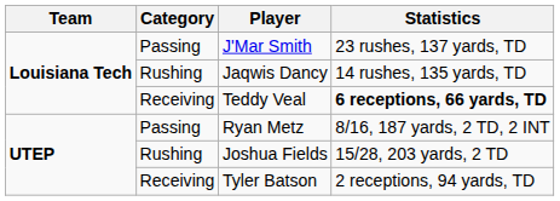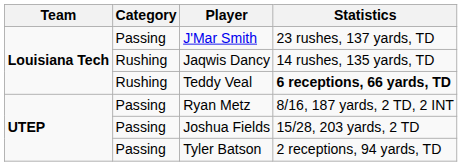 <table class="wikitable" style="float: left;">
 <tr>
 <th>Team</th>
 <th>Category</th>
 <th>Player</th>
 <th>Statistics</th>
 </tr>
 <tr>
 <td rowspan=3><strong>Louisiana Tech</strong></td>
 <td>Passing</td>
 <td><a href='#'>J'Mar Smith</a></td>
 <td>23 rushes, 137 yards, TD</td>
 </tr>
 <tr>
 <td>Rushing</td>
 <td>Jaqwis Dancy</td>
 <td>14 rushes, 135 yards, TD</td>
 </tr>
 <tr>
-<td>Receiving</td>
+<td>Rushing</td>
 <td>Teddy Veal</td>
 <td><strong>6 receptions, 66 yards, TD</strong></td>
 </tr>
 <tr>
 <td rowspan=3><strong>UTEP</strong></td>
 <td>Passing</td>
 <td>Ryan Metz</td>
 <td>8/16, 187 yards, 2 TD, 2 INT</td>
 </tr>
 <tr>
-<td>Rushing</td>
+<td>Passing</td>
 <td>Joshua Fields</td>
 <td>15/28, 203 yards, 2 TD</td>
 </tr>
 <tr>
-<td>Receiving</td>
+<td>Passing</td>
 <td>Tyler Batson</td>
 <td>2 receptions, 94 yards, TD</td>
 </tr>
 </table>
